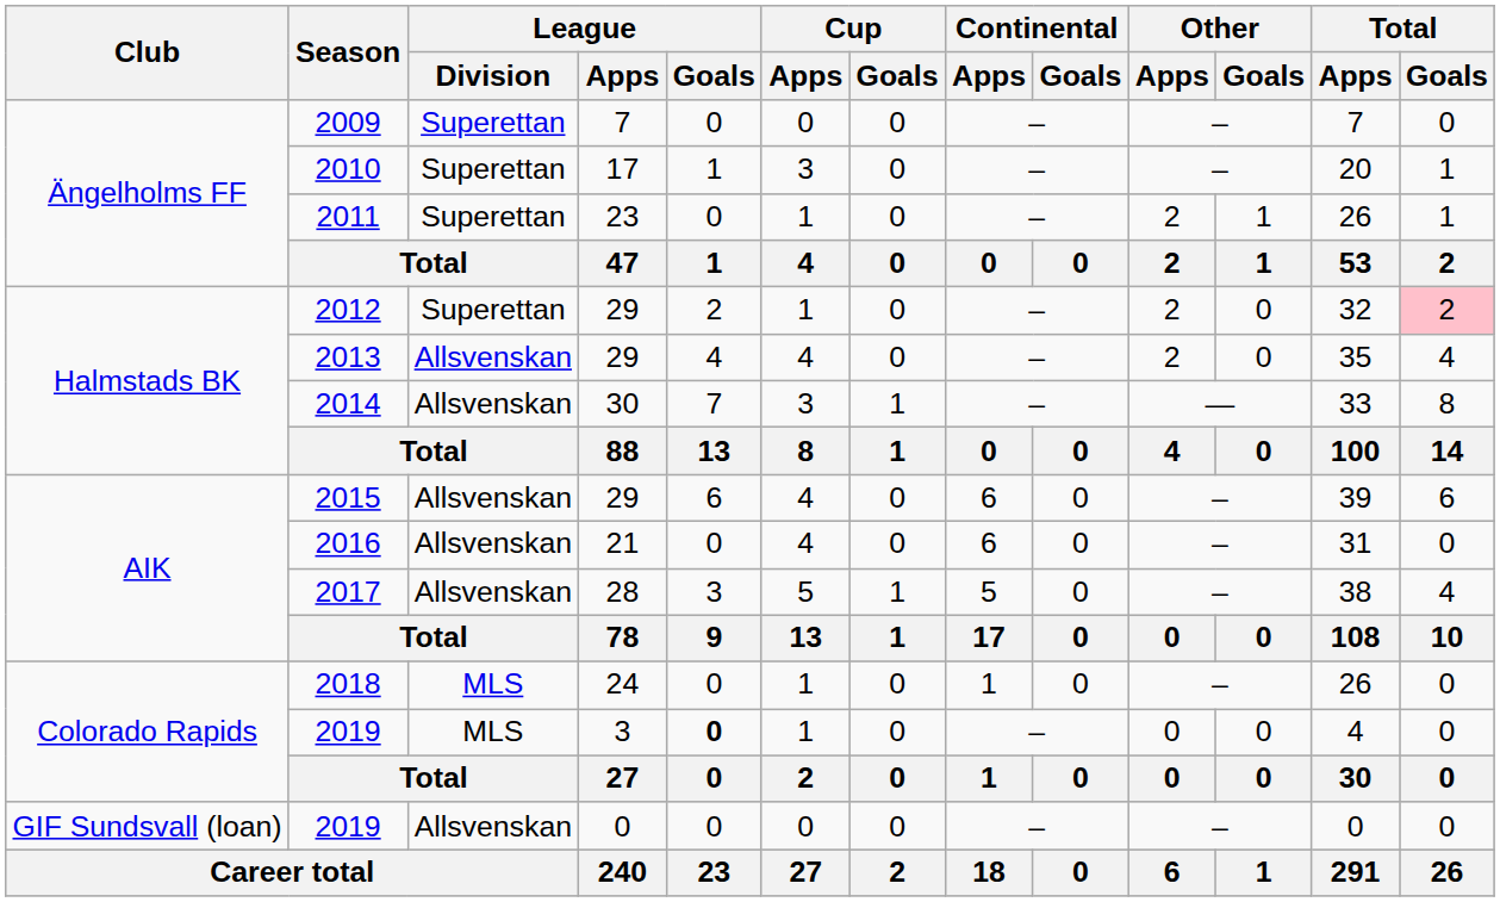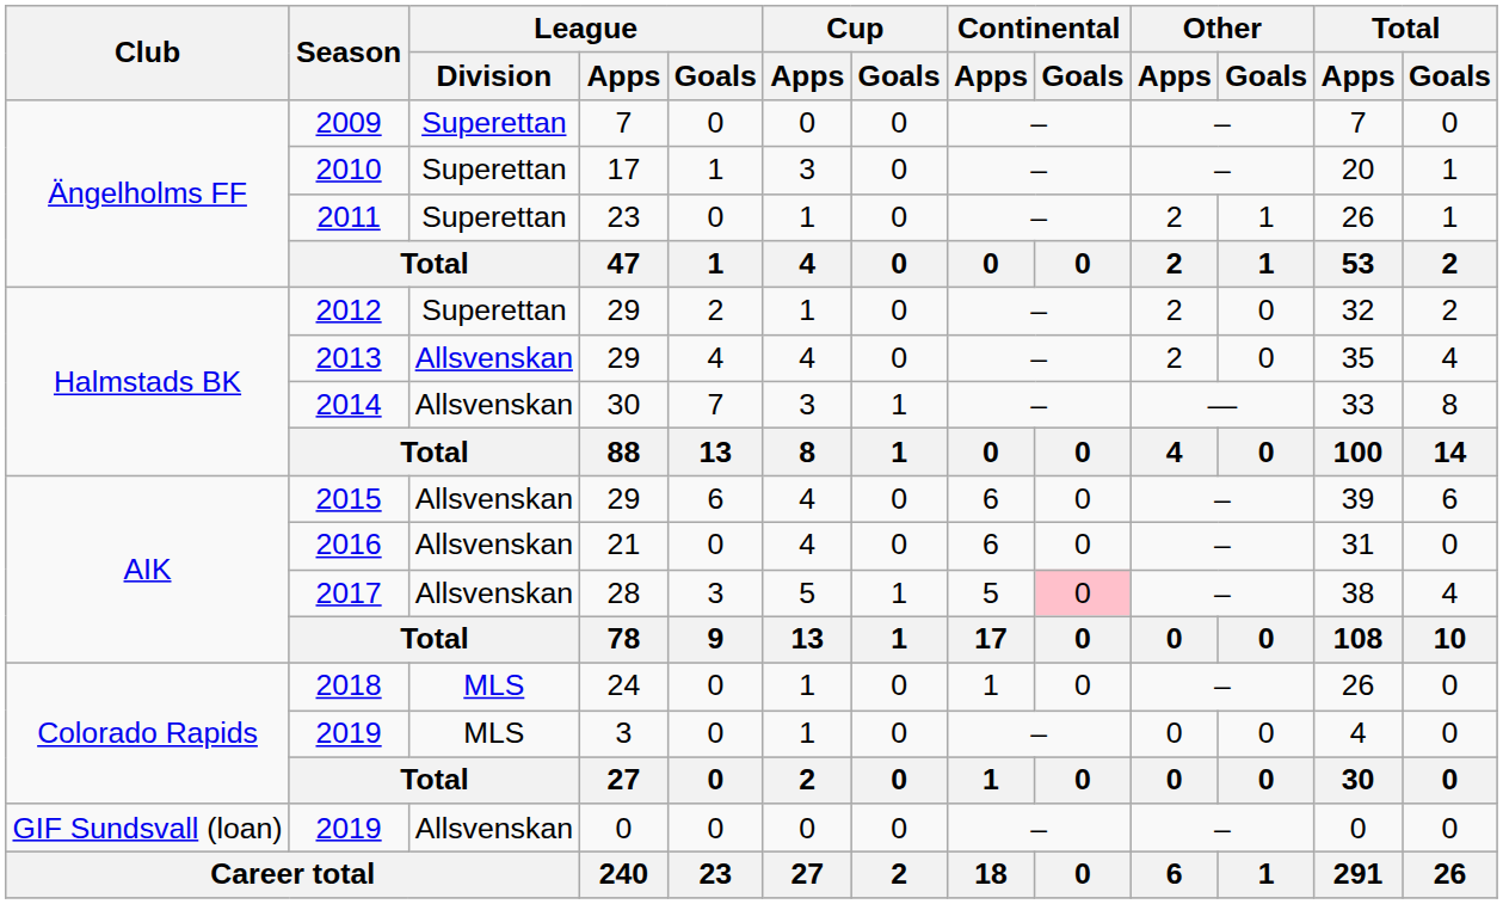 <table class="wikitable" style="text-align: center;">
 <tr>
 <th rowspan=2>Club</th>
 <th rowspan=2>Season</th>
 <th colspan=3>League</th>
 <th colspan=2>Cup</th>
 <th colspan=2>Continental</th>
 <th colspan=2>Other</th>
 <th colspan=2>Total</th>
 </tr>
 <tr>
 <th>Division</th>
 <th>Apps</th>
 <th>Goals</th>
 <th>Apps</th>
 <th>Goals</th>
 <th>Apps</th>
 <th>Goals</th>
 <th>Apps</th>
 <th>Goals</th>
 <th>Apps</th>
 <th>Goals</th>
 </tr>
 <tr>
 <td rowspan=4><a href='#'>Ängelholms FF</a></td>
 <td><a href='#'>2009</a></td>
 <td><a href='#'>Superettan</a></td>
 <td>7</td>
 <td>0</td>
 <td>0</td>
 <td>0</td>
 <td colspan=2>–</td>
 <td colspan=2>–</td>
 <td>7</td>
 <td>0</td>
 </tr>
 <tr>
 <td><a href='#'>2010</a></td>
 <td>Superettan</td>
 <td>17</td>
 <td>1</td>
 <td>3</td>
 <td>0</td>
 <td colspan=2>–</td>
 <td colspan=2>–</td>
 <td>20</td>
 <td>1</td>
 </tr>
 <tr>
 <td><a href='#'>2011</a></td>
 <td>Superettan</td>
 <td>23</td>
 <td>0</td>
 <td>1</td>
 <td>0</td>
 <td colspan=2>–</td>
 <td>2</td>
 <td>1</td>
 <td>26</td>
 <td>1</td>
 </tr>
 <tr>
 <th colspan=2>Total</th>
 <th>47</th>
 <th>1</th>
 <th>4</th>
 <th>0</th>
 <th>0</th>
 <th>0</th>
 <th>2</th>
 <th>1</th>
 <th>53</th>
 <th>2</th>
 </tr>
 <tr>
 <td rowspan=4><a href='#'>Halmstads BK</a></td>
 <td><a href='#'>2012</a></td>
 <td>Superettan</td>
 <td>29</td>
 <td>2</td>
 <td>1</td>
 <td>0</td>
 <td colspan=2>–</td>
 <td>2</td>
 <td>0</td>
 <td>32</td>
-<td style="background: pink;">2</td>
+<td>2</td>
 </tr>
 <tr>
 <td><a href='#'>2013</a></td>
 <td><a href='#'>Allsvenskan</a></td>
 <td>29</td>
 <td>4</td>
 <td>4</td>
 <td>0</td>
 <td colspan=2>–</td>
 <td>2</td>
 <td>0</td>
 <td>35</td>
 <td>4</td>
 </tr>
 <tr>
 <td><a href='#'>2014</a></td>
 <td>Allsvenskan</td>
 <td>30</td>
 <td>7</td>
 <td>3</td>
 <td>1</td>
 <td colspan=2>–</td>
 <td colspan=2>—</td>
 <td>33</td>
 <td>8</td>
 </tr>
 <tr>
 <th colspan=2>Total</th>
 <th>88</th>
 <th>13</th>
 <th>8</th>
 <th>1</th>
 <th>0</th>
 <th>0</th>
 <th>4</th>
 <th>0</th>
 <th>100</th>
 <th>14</th>
 </tr>
 <tr>
 <td rowspan=4><a href='#'>AIK</a></td>
 <td><a href='#'>2015</a></td>
 <td>Allsvenskan</td>
 <td>29</td>
 <td>6</td>
 <td>4</td>
 <td>0</td>
 <td>6</td>
 <td>0</td>
 <td colspan=2>–</td>
 <td>39</td>
 <td>6</td>
 </tr>
 <tr>
 <td><a href='#'>2016</a></td>
 <td>Allsvenskan</td>
 <td>21</td>
 <td>0</td>
 <td>4</td>
 <td>0</td>
 <td>6</td>
 <td>0</td>
 <td colspan=2>–</td>
 <td>31</td>
 <td>0</td>
 </tr>
 <tr>
 <td><a href='#'>2017</a></td>
 <td>Allsvenskan</td>
 <td>28</td>
 <td>3</td>
 <td>5</td>
 <td>1</td>
 <td>5</td>
-<td>0</td>
+<td style="background: pink;">0</td>
 <td colspan=2>–</td>
 <td>38</td>
 <td>4</td>
 </tr>
 <tr>
 <th colspan=2>Total</th>
 <th>78</th>
 <th>9</th>
 <th>13</th>
 <th>1</th>
 <th>17</th>
 <th>0</th>
 <th>0</th>
 <th>0</th>
 <th>108</th>
 <th>10</th>
 </tr>
 <tr>
 <td rowspan=3><a href='#'>Colorado Rapids</a></td>
 <td><a href='#'>2018</a></td>
 <td><a href='#'>MLS</a></td>
 <td>24</td>
 <td>0</td>
 <td>1</td>
 <td>0</td>
 <td>1</td>
 <td>0</td>
 <td colspan=2>–</td>
 <td>26</td>
 <td>0</td>
 </tr>
 <tr>
 <td><a href='#'>2019</a></td>
 <td>MLS</td>
 <td>3</td>
-<td><strong>0</strong></td>
+<td>0</td>
 <td>1</td>
 <td>0</td>
 <td colspan=2>–</td>
 <td>0</td>
 <td>0</td>
 <td>4</td>
 <td>0</td>
 </tr>
 <tr>
 <th colspan=2>Total</th>
 <th>27</th>
 <th>0</th>
 <th>2</th>
 <th>0</th>
 <th>1</th>
 <th>0</th>
 <th>0</th>
 <th>0</th>
 <th>30</th>
 <th>0</th>
 </tr>
 <tr>
 <td><a href='#'>GIF Sundsvall</a> (loan)</td>
 <td><a href='#'>2019</a></td>
 <td>Allsvenskan</td>
 <td>0</td>
 <td>0</td>
 <td>0</td>
 <td>0</td>
 <td colspan=2>–</td>
 <td colspan=2>–</td>
 <td>0</td>
 <td>0</td>
 </tr>
 <tr>
 <th colspan=3>Career total</th>
 <th>240</th>
 <th>23</th>
 <th>27</th>
 <th>2</th>
 <th>18</th>
 <th>0</th>
 <th>6</th>
 <th>1</th>
 <th>291</th>
 <th>26</th>
 </tr>
 </table>
